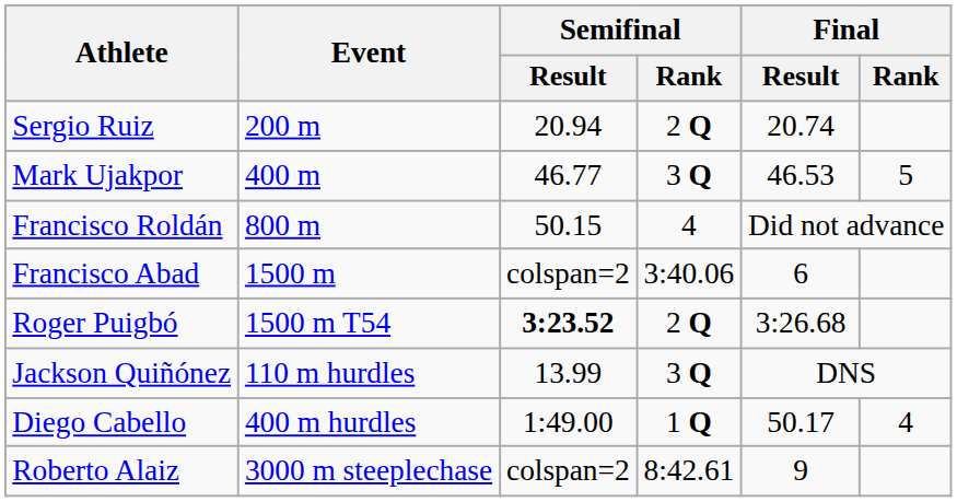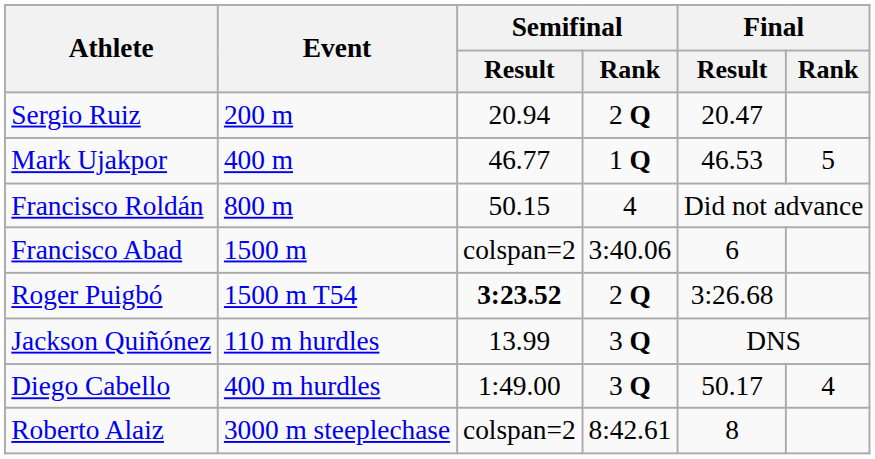 <table class="wikitable" style="font-size:90%">
 <tr>
 <th rowspan="2">Athlete</th>
 <th rowspan="2">Event</th>
 <th colspan="2">Semifinal</th>
 <th colspan="2">Final</th>
 </tr>
 <tr style="font-size:95%">
 <th>Result</th>
 <th>Rank</th>
 <th>Result</th>
 <th>Rank</th>
 </tr>
 <tr align=center>
 <td align=left><a href='#'>Sergio Ruiz</a></td>
 <td align=left><a href='#'>200 m</a></td>
 <td>20.94</td>
 <td>2 <strong>Q</strong></td>
-<td>20.74</td>
+<td>20.47</td>
 <td></td>
 </tr>
 <tr align=center>
 <td align=left><a href='#'>Mark Ujakpor</a></td>
 <td align=left><a href='#'>400 m</a></td>
 <td>46.77</td>
-<td>3 <strong>Q</strong></td>
+<td>1 <strong>Q</strong></td>
 <td>46.53</td>
 <td>5</td>
 </tr>
 <tr align=center>
 <td align=left><a href='#'>Francisco Roldán</a></td>
 <td align=left><a href='#'>800 m</a></td>
 <td>50.15</td>
 <td>4</td>
 <td colspan=2>Did not advance</td>
 </tr>
 <tr align=center>
 <td align=left><a href='#'>Francisco Abad</a></td>
 <td align=left><a href='#'>1500 m</a></td>
 <td>colspan=2 </td>
 <td>3:40.06</td>
 <td>6</td>
 </tr>
 <tr align=center>
 <td align=left><a href='#'>Roger Puigbó</a></td>
 <td align=left><a href='#'>1500 m T54</a></td>
 <td><strong>3:23.52</strong></td>
 <td>2 <strong>Q</strong></td>
 <td>3:26.68</td>
 <td></td>
 </tr>
 <tr align=center>
 <td align=left><a href='#'>Jackson Quiñónez</a></td>
 <td align=left><a href='#'>110 m hurdles</a></td>
 <td>13.99</td>
 <td>3 <strong>Q</strong></td>
 <td colspan=2>DNS</td>
 </tr>
 <tr align=center>
 <td align=left><a href='#'>Diego Cabello</a></td>
 <td align=left><a href='#'>400 m hurdles</a></td>
 <td>1:49.00</td>
-<td>1 <strong>Q</strong></td>
+<td>3 <strong>Q</strong></td>
 <td>50.17</td>
 <td>4</td>
 </tr>
 <tr align=center>
 <td align=left><a href='#'>Roberto Alaiz</a></td>
 <td align=left><a href='#'>3000 m steeplechase</a></td>
 <td>colspan=2 </td>
 <td>8:42.61</td>
-<td>9</td>
+<td>8</td>
 </tr>
 </table>
